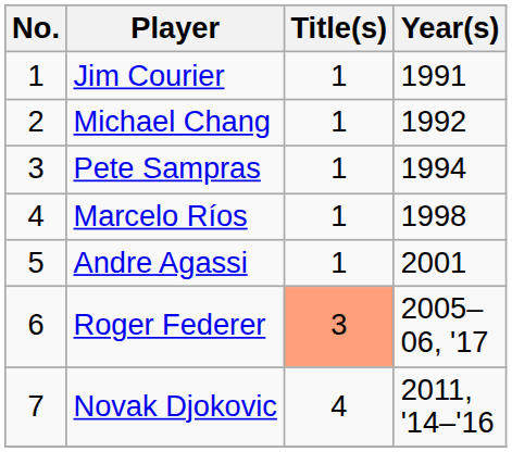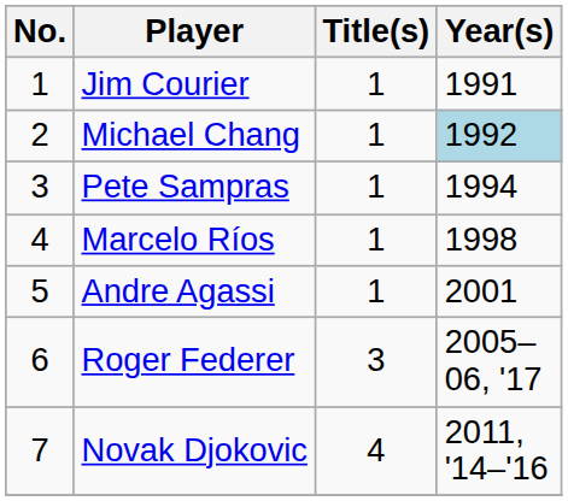 <table class="wikitable nowrap sortable">
 <tr>
 <th>No.</th>
 <th>Player</th>
 <th>Title(s)</th>
 <th width=40>Year(s)</th>
 </tr>
 <tr>
 <td align="center">1</td>
 <td> <a href='#'>Jim Courier</a></td>
 <td align="center">1</td>
 <td>1991</td>
 </tr>
 <tr>
 <td align="center">2</td>
 <td> <a href='#'>Michael Chang</a></td>
 <td align="center">1</td>
-<td>1992</td>
+<td style="background: lightblue;">1992</td>
 </tr>
 <tr>
 <td align="center">3</td>
 <td> <a href='#'>Pete Sampras</a></td>
 <td align="center">1</td>
 <td>1994</td>
 </tr>
 <tr>
 <td align="center">4</td>
 <td> <a href='#'>Marcelo Ríos</a></td>
 <td align="center">1</td>
 <td>1998</td>
 </tr>
 <tr>
 <td align="center">5</td>
 <td> <a href='#'>Andre Agassi</a></td>
 <td align="center">1</td>
 <td>2001</td>
 </tr>
 <tr>
 <td align="center">6</td>
 <td> <a href='#'>Roger Federer</a></td>
-<td align="center" style="background: lightsalmon;">3</td>
+<td align="center">3</td>
 <td>2005–06, '17</td>
 </tr>
 <tr>
 <td align="center">7</td>
 <td> <a href='#'>Novak Djokovic</a></td>
 <td align="center">4</td>
 <td>2011, '14–'16</td>
 </tr>
 <tr>
 </tr>
 </table>
